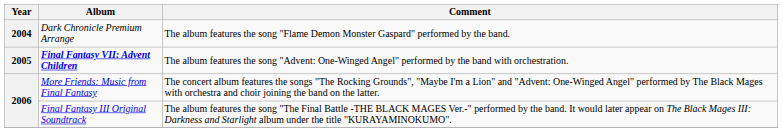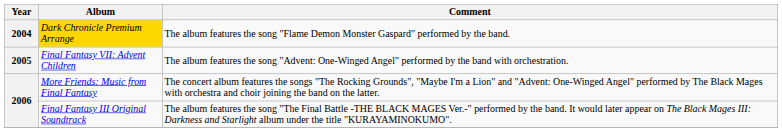 <table class="wikitable sortable">
 <tr>
 <th scope="col" style="width:3em">Year</th>
 <th scope="col" style="width:12em">Album</th>
 <th scope="col" class="unsortable">Comment</th>
 </tr>
 <tr>
 <th scope="row" align="center">2004</th>
-<td><em>Dark Chronicle Premium Arrange</em></td>
+<td style="background: gold;"><em>Dark Chronicle Premium Arrange</em></td>
 <td>The album features the song "Flame Demon Monster Gaspard" performed by the band.</td>
 </tr>
 <tr>
 <th scope="row" align="center">2005</th>
-<td><strong><em><a href='#'>Final Fantasy VII: Advent Children</a></em></strong></td>
+<td><em><a href='#'>Final Fantasy VII: Advent Children</a></em></td>
 <td>The album features the song "Advent: One-Winged Angel" performed by the band with orchestration.</td>
 </tr>
 <tr>
 <th scope="row" align="center" rowspan="2">2006</th>
 <td><em><a href='#'>More Friends: Music from Final Fantasy</a></em></td>
 <td>The concert album features the songs "The Rocking Grounds", "Maybe I'm a Lion" and "Advent: One-Winged Angel" performed by The Black Mages with orchestra and choir joining the band on the latter.</td>
 </tr>
 <tr>
 <td><em><a href='#'>Final Fantasy III Original Soundtrack</a></em></td>
 <td>The album features the song "The Final Battle -THE BLACK MAGES Ver.-" performed by the band. It would later appear on <em>The Black Mages III: Darkness and Starlight</em> album under the title "KURAYAMINOKUMO".</td>
 </tr>
 <tr>
 </tr>
 </table>
